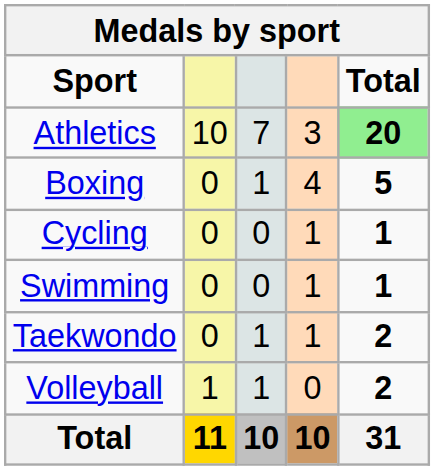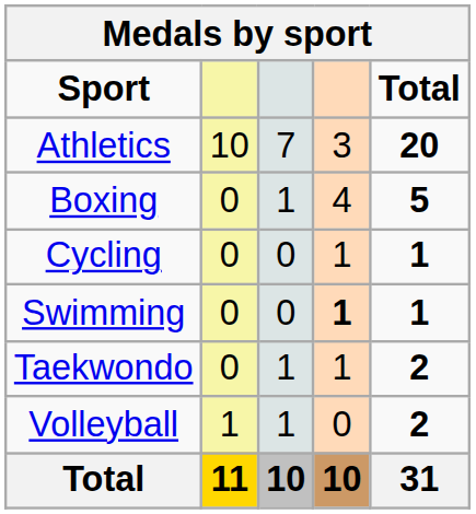 <table class="wikitable" style="font-size:85%; text-align:center;">
 <tr style="background:#efefef;">
 <th colspan=5><strong>Medals by sport</strong></th>
 </tr>
 <tr>
 <td><strong>Sport</strong></td>
 <td style="background:#f7f6a8;"></td>
 <td style="background:#dce5e5;"></td>
 <td style="background:#ffdab9;"></td>
 <td><strong>Total</strong></td>
 </tr>
 <tr>
 <td><a href='#'>Athletics</a></td>
 <td style="background:#F7F6A8;">10</td>
 <td style="background:#DCE5E5;">7</td>
 <td style="background:#FFDAB9;">3</td>
-<td style="background: lightgreen;"><strong>20</strong></td>
+<td><strong>20</strong></td>
 </tr>
 <tr>
 <td><a href='#'>Boxing</a></td>
 <td style="background:#F7F6A8;">0</td>
 <td style="background:#DCE5E5;">1</td>
 <td style="background:#FFDAB9;">4</td>
 <td><strong>5</strong></td>
 </tr>
 <tr>
 <td><a href='#'>Cycling</a></td>
 <td style="background:#F7F6A8;">0</td>
 <td style="background:#DCE5E5;">0</td>
 <td style="background:#FFDAB9;">1</td>
 <td><strong>1</strong></td>
 </tr>
 <tr>
 <td><a href='#'>Swimming</a></td>
 <td style="background:#F7F6A8;">0</td>
 <td style="background:#DCE5E5;">0</td>
-<td style="background:#FFDAB9;">1</td>
+<td style="background:#FFDAB9;"><strong>1</strong></td>
 <td><strong>1</strong></td>
 </tr>
 <tr>
 <td><a href='#'>Taekwondo</a></td>
 <td style="background:#F7F6A8;">0</td>
 <td style="background:#DCE5E5;">1</td>
 <td style="background:#FFDAB9;">1</td>
 <td><strong>2</strong></td>
 </tr>
 <tr>
 <td><a href='#'>Volleyball</a></td>
 <td style="background:#F7F6A8;">1</td>
 <td style="background:#DCE5E5;">1</td>
 <td style="background:#FFDAB9;">0</td>
 <td><strong>2</strong></td>
 </tr>
 <tr>
 <th>Total</th>
 <th style="background:gold;">11</th>
 <th style="background:silver;">10</th>
 <th style="background:#c96;">10</th>
 <th>31</th>
 </tr>
 </table>
